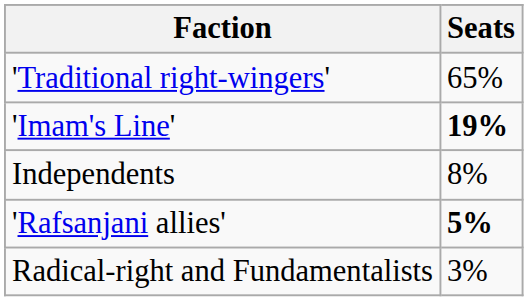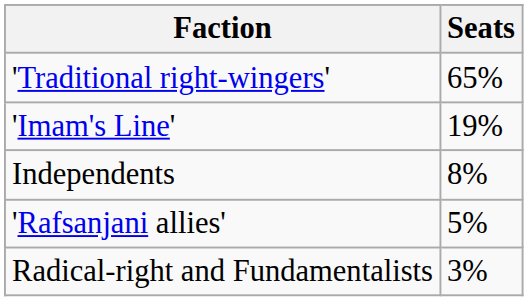 <table class=wikitable style=text-align:left>
 <tr>
 <th>Faction</th>
 <th>Seats</th>
 </tr>
 <tr>
 <td>'<a href='#'>Traditional right-wingers</a>'</td>
 <td>65%</td>
 </tr>
 <tr>
 <td>'<a href='#'>Imam's Line</a>'</td>
-<td><strong>19%</strong></td>
+<td>19%</td>
 </tr>
 <tr>
 <td>Independents</td>
 <td>8%</td>
 </tr>
 <tr>
 <td>'<a href='#'>Rafsanjani</a> allies'</td>
-<td><strong>5%</strong></td>
+<td>5%</td>
 </tr>
 <tr>
 <td>Radical-right and Fundamentalists</td>
 <td>3%</td>
 </tr>
 </table>
